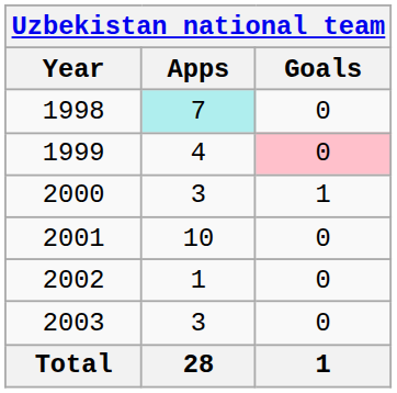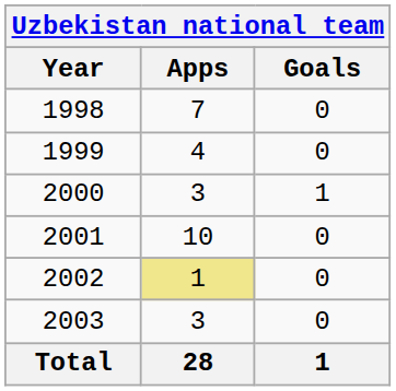 <table class="wikitable" style="text-align:center">
 <tr>
 <th colspan=3><a href='#'>Uzbekistan national team</a></th>
 </tr>
 <tr>
 <th>Year</th>
 <th>Apps</th>
 <th>Goals</th>
 </tr>
 <tr>
 <td>1998</td>
-<td style="background: paleturquoise;">7</td>
+<td>7</td>
 <td>0</td>
 </tr>
 <tr>
 <td>1999</td>
 <td>4</td>
-<td style="background: pink;">0</td>
+<td>0</td>
 </tr>
 <tr>
 <td>2000</td>
 <td>3</td>
 <td>1</td>
 </tr>
 <tr>
 <td>2001</td>
 <td>10</td>
 <td>0</td>
 </tr>
 <tr>
 <td>2002</td>
-<td>1</td>
+<td style="background: khaki;">1</td>
 <td>0</td>
 </tr>
 <tr>
 <td>2003</td>
 <td>3</td>
 <td>0</td>
 </tr>
 <tr>
 <th>Total</th>
 <th>28</th>
 <th>1</th>
 </tr>
 </table>
